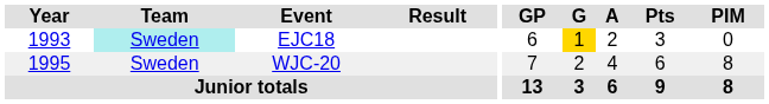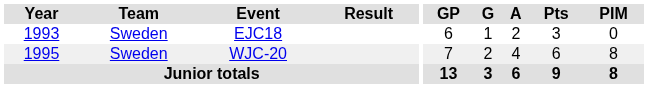 <table border="0" cellpadding="1" cellspacing="0" ID="Table3" style="text-align:center; width:40em">
 <tr ALIGN="center" bgcolor="#e0e0e0">
 <th>Year</th>
 <th>Team</th>
 <th>Event</th>
 <th>Result</th>
 <th rowspan="99" bgcolor="#ffffff"></th>
 <th>GP</th>
 <th>G</th>
 <th>A</th>
 <th>Pts</th>
 <th>PIM</th>
 </tr>
 <tr>
 <td><a href='#'>1993</a></td>
-<td style="background: paleturquoise;"><a href='#'>Sweden</a></td>
+<td><a href='#'>Sweden</a></td>
 <td><a href='#'>EJC18</a></td>
 <td></td>
 <td>6</td>
-<td style="background: gold;">1</td>
+<td>1</td>
 <td>2</td>
 <td>3</td>
 <td>0</td>
 </tr>
 <tr bgcolor="#f0f0f0">
 <td><a href='#'>1995</a></td>
 <td><a href='#'>Sweden</a></td>
 <td><a href='#'>WJC-20</a></td>
 <td></td>
 <td>7</td>
 <td>2</td>
 <td>4</td>
 <td>6</td>
 <td>8</td>
 </tr>
 <tr bgcolor="#e0e0e0">
 <th colspan="4">Junior totals</th>
 <th>13</th>
 <th>3</th>
 <th>6</th>
 <th>9</th>
 <th>8</th>
 </tr>
 </table>
